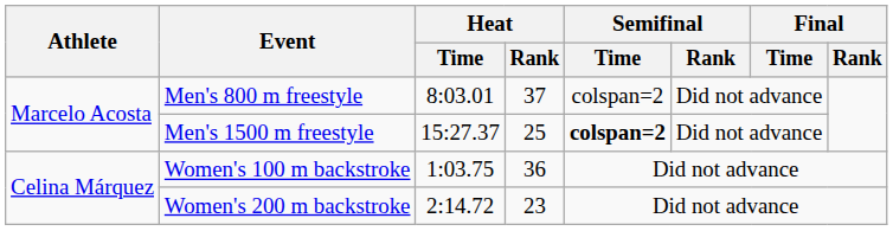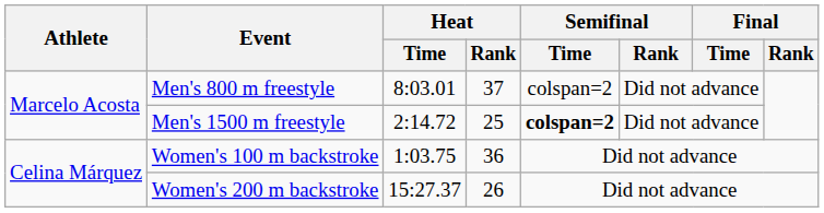 <table class=wikitable style=font-size:90%;text-align:center>
 <tr>
 <th rowspan=2>Athlete</th>
 <th rowspan=2>Event</th>
 <th colspan=2>Heat</th>
 <th colspan=2>Semifinal</th>
 <th colspan=2>Final</th>
 </tr>
 <tr style=font-size:95%>
 <th>Time</th>
 <th>Rank</th>
 <th>Time</th>
 <th>Rank</th>
 <th>Time</th>
 <th>Rank</th>
 </tr>
 <tr align=center>
 <td align=left rowspan=2><a href='#'>Marcelo Acosta</a></td>
 <td align=left><a href='#'>Men's 800 m freestyle</a></td>
 <td>8:03.01</td>
 <td>37</td>
 <td>colspan=2 </td>
 <td colspan="2">Did not advance</td>
 </tr>
 <tr align=center>
 <td align=left><a href='#'>Men's 1500 m freestyle</a></td>
-<td>15:27.37</td>
+<td>2:14.72</td>
 <td>25</td>
 <td><strong>colspan=2 </strong></td>
 <td colspan="2">Did not advance</td>
 </tr>
 <tr align=center>
 <td align=left rowspan=2><a href='#'>Celina Márquez</a></td>
 <td align=left><a href='#'>Women's 100 m backstroke</a></td>
 <td>1:03.75</td>
 <td>36</td>
 <td colspan="4">Did not advance</td>
 </tr>
 <tr align=center>
 <td align=left><a href='#'>Women's 200 m backstroke</a></td>
-<td>2:14.72</td>
-<td>23</td>
+<td>15:27.37</td>
+<td>26</td>
 <td colspan="4">Did not advance</td>
 </tr>
 </table>
